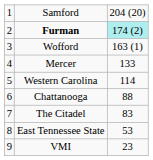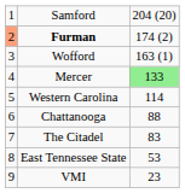 <table class="wikitable" style="display: inline-table;">
 <tr align="center">
 <td>1</td>
 <td>Samford</td>
 <td>204 (20)</td>
 </tr>
 <tr align="center">
-<td>2</td>
+<td style="background: lightsalmon;">2</td>
 <td><strong>Furman</strong></td>
-<td style="background: paleturquoise;">174 (2)</td>
+<td>174 (2)</td>
 </tr>
 <tr align="center">
 <td>3</td>
 <td>Wofford</td>
 <td>163 (1)</td>
 </tr>
 <tr align="center">
 <td>4</td>
 <td>Mercer</td>
-<td>133</td>
+<td style="background: lightgreen;">133</td>
 </tr>
 <tr align="center">
 <td>5</td>
 <td>Western Carolina</td>
 <td>114</td>
 </tr>
 <tr align="center">
 <td>6</td>
 <td>Chattanooga</td>
 <td>88</td>
 </tr>
 <tr align="center">
 <td>7</td>
 <td>The Citadel</td>
 <td>83</td>
 </tr>
 <tr align="center">
 <td>8</td>
 <td>East Tennessee State</td>
 <td>53</td>
 </tr>
 <tr align="center">
 <td>9</td>
 <td>VMI</td>
 <td>23</td>
 </tr>
 </table>
